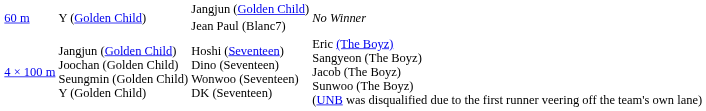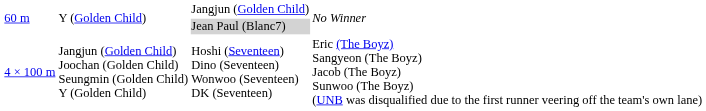 <table>
 <tr>
 <td rowspan=2><a href='#'>60 m</a></td>
 <td rowspan=2>Y (<a href='#'>Golden Child</a>)</td>
 <td>Jangjun (<a href='#'>Golden Child</a>)</td>
 <td rowspan=2><em>No Winner</em></td>
 </tr>
 <tr>
-<td>Jean Paul (Blanc7)</td>
+<td style="background: lightgrey;">Jean Paul (Blanc7)</td>
 </tr>
 <tr>
 <td><a href='#'>4 × 100 m</a></td>
 <td>Jangjun (<a href='#'>Golden Child</a>)<br>Joochan (Golden Child)<br>Seungmin (Golden Child)<br>Y (Golden Child)</td>
 <td>Hoshi (<a href='#'>Seventeen</a>)<br>Dino (Seventeen)<br>Wonwoo (Seventeen)<br>DK (Seventeen)</td>
 <td>Eric <a href='#'>(The Boyz)</a><br>Sangyeon (The Boyz)<br>Jacob (The Boyz)<br>Sunwoo (The Boyz)<br>(<a href='#'>UNB</a> was disqualified due to the first runner veering off the team's own lane)</td>
 </tr>
 </table>
